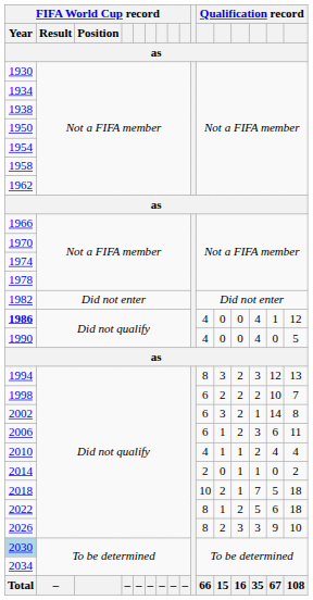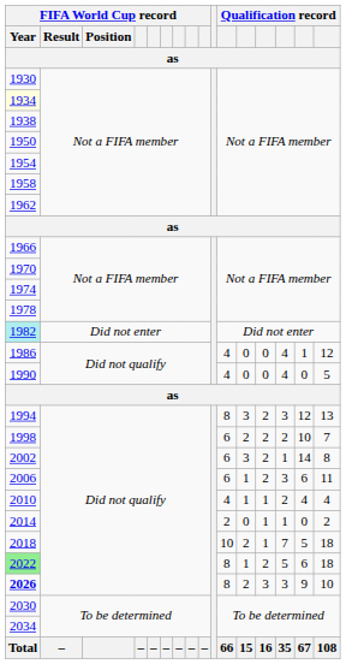 <table class="wikitable" style="text-align: center;">
 <tr>
 <th colspan=9><a href='#'>FIFA World Cup</a> record</th>
 <th rowspan=2></th>
 <th colspan=6><a href='#'>Qualification</a> record</th>
 </tr>
 <tr>
 <th>Year</th>
 <th>Result</th>
 <th>Position</th>
 <th></th>
 <th></th>
 <th></th>
 <th></th>
 <th></th>
 <th></th>
 <th></th>
 <th></th>
 <th></th>
 <th></th>
 <th></th>
 <th></th>
 </tr>
 <tr>
 <th colspan=16>as </th>
 </tr>
 <tr>
 <td> <a href='#'>1930</a></td>
 <td colspan=8 rowspan=7><em>Not a FIFA member</em></td>
 <th rowspan=7></th>
 <td colspan=6 rowspan=7><em>Not a FIFA member</em></td>
 </tr>
 <tr>
-<td> <a href='#'>1934</a></td>
+<td style="background: lightyellow;"> <a href='#'>1934</a></td>
 </tr>
 <tr>
 <td> <a href='#'>1938</a></td>
 </tr>
 <tr>
 <td> <a href='#'>1950</a></td>
 </tr>
 <tr>
 <td> <a href='#'>1954</a></td>
 </tr>
 <tr>
 <td> <a href='#'>1958</a></td>
 </tr>
 <tr>
 <td> <a href='#'>1962</a></td>
 </tr>
 <tr>
 <th colspan=16>as </th>
 </tr>
 <tr>
 <td> <a href='#'>1966</a></td>
 <td colspan=8 rowspan=4><em>Not a FIFA member</em></td>
 <th rowspan=7></th>
 <td colspan=6 rowspan=4><em>Not a FIFA member</em></td>
 </tr>
 <tr>
 <td> <a href='#'>1970</a></td>
 </tr>
 <tr>
 <td> <a href='#'>1974</a></td>
 </tr>
 <tr>
 <td> <a href='#'>1978</a></td>
 </tr>
 <tr>
-<td> <a href='#'>1982</a></td>
+<td style="background: paleturquoise;"> <a href='#'>1982</a></td>
 <td colspan=8><em>Did not enter</em></td>
 <td colspan=6><em>Did not enter</em></td>
 </tr>
 <tr>
-<td><strong> <a href='#'>1986</a></strong></td>
+<td> <a href='#'>1986</a></td>
 <td colspan=8 rowspan=2><em>Did not qualify</em></td>
 <td>4</td>
 <td>0</td>
 <td>0</td>
 <td>4</td>
 <td>1</td>
 <td>12</td>
 </tr>
 <tr>
 <td> <a href='#'>1990</a></td>
 <td>4</td>
 <td>0</td>
 <td>0</td>
 <td>4</td>
 <td>0</td>
 <td>5</td>
 </tr>
 <tr>
 <th colspan=16>as </th>
 </tr>
 <tr>
 <td> <a href='#'>1994</a></td>
 <td colspan=8 rowspan=9><em>Did not qualify</em></td>
 <th rowspan=30></th>
 <td>8</td>
 <td>3</td>
 <td>2</td>
 <td>3</td>
 <td>12</td>
 <td>13</td>
 </tr>
 <tr>
 <td> <a href='#'>1998</a></td>
 <td>6</td>
 <td>2</td>
 <td>2</td>
 <td>2</td>
 <td>10</td>
 <td>7</td>
 </tr>
 <tr>
 <td>  <a href='#'>2002</a></td>
 <td>6</td>
 <td>3</td>
 <td>2</td>
 <td>1</td>
 <td>14</td>
 <td>8</td>
 </tr>
 <tr>
 <td> <a href='#'>2006</a></td>
 <td>6</td>
 <td>1</td>
 <td>2</td>
 <td>3</td>
 <td>6</td>
 <td>11</td>
 </tr>
 <tr>
 <td> <a href='#'>2010</a></td>
 <td>4</td>
 <td>1</td>
 <td>1</td>
 <td>2</td>
 <td>4</td>
 <td>4</td>
 </tr>
 <tr>
 <td> <a href='#'>2014</a></td>
 <td>2</td>
 <td>0</td>
 <td>1</td>
 <td>1</td>
 <td>0</td>
 <td>2</td>
 </tr>
 <tr>
 <td> <a href='#'>2018</a></td>
 <td>10</td>
 <td>2</td>
 <td>1</td>
 <td>7</td>
 <td>5</td>
 <td>18</td>
 </tr>
 <tr>
-<td> <a href='#'>2022</a></td>
+<td style="background: lightgreen;"> <a href='#'>2022</a></td>
 <td>8</td>
 <td>1</td>
 <td>2</td>
 <td>5</td>
 <td>6</td>
 <td>18</td>
 </tr>
 <tr>
-<td>   <a href='#'>2026</a></td>
+<td><strong>   <a href='#'>2026</a></strong></td>
 <td>8</td>
 <td>2</td>
 <td>3</td>
 <td>3</td>
 <td>9</td>
 <td>10</td>
 </tr>
 <tr>
-<td style="background: lightblue;">   <a href='#'>2030</a></td>
+<td>   <a href='#'>2030</a></td>
 <td colspan=8 rowspan=2><em>To be determined</em></td>
 <td colspan=6 rowspan=2><em>To be determined</em></td>
 </tr>
 <tr>
 <td> <a href='#'>2034</a></td>
 </tr>
 <tr>
 <th>Total</th>
 <th>–</th>
 <th></th>
 <th>–</th>
 <th>–</th>
 <th>–</th>
 <th>–</th>
 <th>–</th>
 <th>–</th>
 <th>66</th>
 <th>15</th>
 <th>16</th>
 <th>35</th>
 <th>67</th>
 <th>108</th>
 </tr>
 </table>
